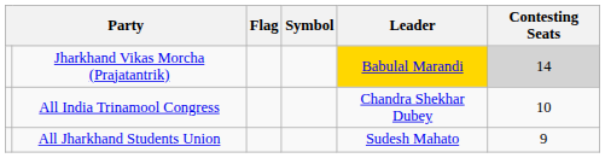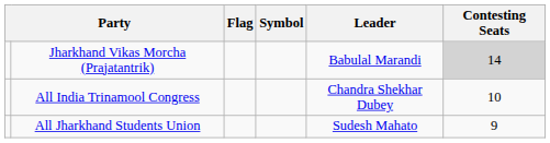 <table class="wikitable " width="50%" style="text-align:center">
 <tr>
 <th colspan="2">Party</th>
 <th>Flag</th>
 <th>Symbol</th>
 <th>Leader</th>
 <th>Contesting Seats</th>
 </tr>
 <tr>
 <td></td>
 <td><a href='#'>Jharkhand Vikas Morcha (Prajatantrik)</a></td>
 <td></td>
 <td></td>
-<td style="background: gold;"><a href='#'>Babulal Marandi</a></td>
+<td><a href='#'>Babulal Marandi</a></td>
 <td style="background: lightgrey;">14</td>
 </tr>
 <tr>
 <td></td>
 <td><a href='#'>All India Trinamool Congress</a></td>
 <td></td>
 <td></td>
 <td><a href='#'>Chandra Shekhar Dubey</a></td>
 <td>10</td>
 </tr>
 <tr>
 <td></td>
 <td><a href='#'>All Jharkhand Students Union</a></td>
 <td></td>
 <td></td>
 <td><a href='#'>Sudesh Mahato</a></td>
 <td>9</td>
 </tr>
 </table>
